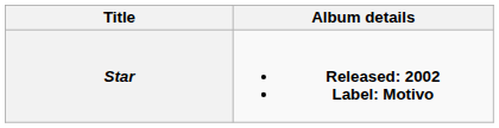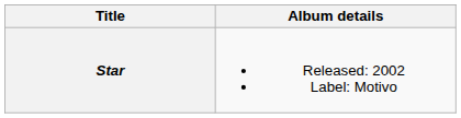 <table class="wikitable plainrowheaders" style="text-align:center;">
 <tr>
 <th scope="col" style="width:14em;">Title</th>
 <th scope="col" style="width:16em;">Album details</th>
 </tr>
 <tr>
 <th scope="row"><em>Star</em></th>
-<td><strong><br><ul><li>Released: 2002</li><li>Label: Motivo</li></ul></strong></td>
+<td><br><ul><li>Released: 2002</li><li>Label: Motivo</li></ul></td>
 </tr>
 </table>
